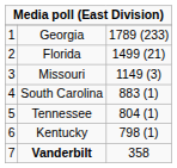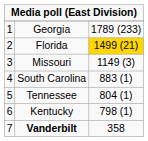 <table class="wikitable" style="display: inline-table;">
 <tr>
 <td align="center" Colspan="3"><strong>Media poll (East Division)</strong></td>
 </tr>
 <tr align="center">
 </tr>
 <tr align="center">
 <td>1</td>
 <td>Georgia</td>
 <td>1789 (233)</td>
 </tr>
 <tr align="center">
 <td>2</td>
 <td>Florida</td>
-<td>1499 (21)</td>
+<td style="background: gold;">1499 (21)</td>
 </tr>
 <tr align="center">
 <td>3</td>
 <td>Missouri</td>
 <td>1149 (3)</td>
 </tr>
 <tr align="center">
 <td>4</td>
 <td>South Carolina</td>
 <td>883 (1)</td>
 </tr>
 <tr align="center">
 <td>5</td>
 <td>Tennessee</td>
 <td>804 (1)</td>
 </tr>
 <tr align="center">
 <td>6</td>
 <td>Kentucky</td>
 <td>798 (1)</td>
 </tr>
 <tr align="center">
 <td>7</td>
 <td><strong>Vanderbilt</strong></td>
 <td>358</td>
 </tr>
 </table>
